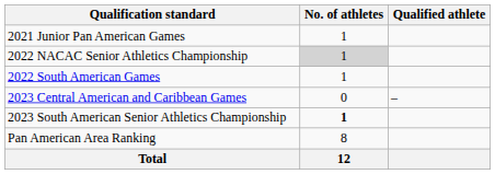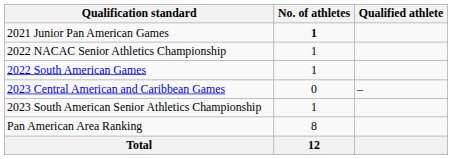 <table class="wikitable" style="text-align:left; width:600px;">
 <tr>
 <th>Qualification standard</th>
 <th>No. of athletes</th>
 <th>Qualified athlete</th>
 </tr>
 <tr>
 <td>2021 Junior Pan American Games</td>
-<td align=center>1</td>
+<td align=center><strong>1</strong></td>
 <td></td>
 </tr>
 <tr>
 <td>2022 NACAC Senior Athletics Championship</td>
-<td align=center style="background: lightgrey;">1</td>
+<td align=center>1</td>
 <td></td>
 </tr>
 <tr>
 <td><a href='#'>2022 South American Games</a></td>
 <td align=center>1</td>
 <td></td>
 </tr>
 <tr>
 <td><a href='#'>2023 Central American and Caribbean Games</a></td>
 <td align=center>0</td>
 <td>–</td>
 </tr>
 <tr>
 <td>2023 South American Senior Athletics Championship</td>
-<td align=center><strong>1</strong></td>
+<td align=center>1</td>
 <td></td>
 </tr>
 <tr>
 <td>Pan American Area Ranking</td>
 <td align=center>8</td>
 <td></td>
 </tr>
 <tr>
 <th>Total</th>
 <th>12</th>
 <th colspan=2></th>
 </tr>
 </table>
